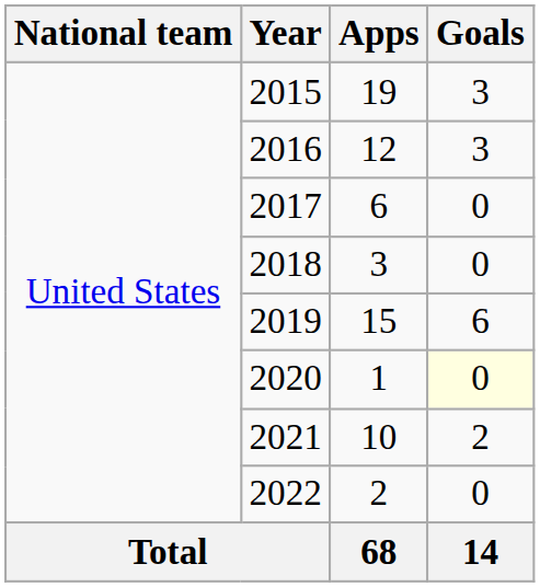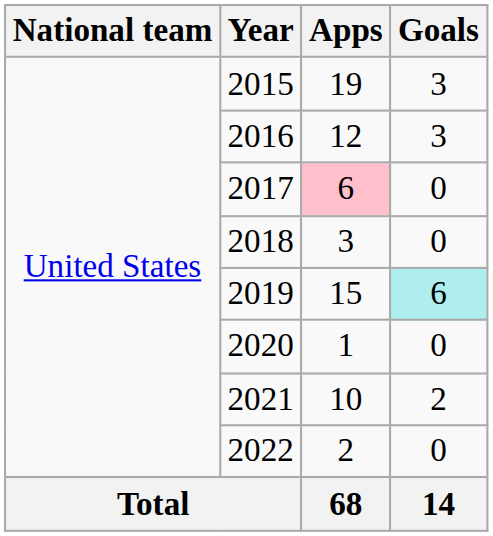 <table class="wikitable" style="text-align: center">
 <tr>
 <th>National team</th>
 <th>Year</th>
 <th>Apps</th>
 <th>Goals</th>
 </tr>
 <tr>
 <td rowspan=8><a href='#'>United States</a></td>
 <td>2015</td>
 <td>19</td>
 <td>3</td>
 </tr>
 <tr>
 <td>2016</td>
 <td>12</td>
 <td>3</td>
 </tr>
 <tr>
 <td>2017</td>
-<td>6</td>
+<td style="background: pink;">6</td>
 <td>0</td>
 </tr>
 <tr>
 <td>2018</td>
 <td>3</td>
 <td>0</td>
 </tr>
 <tr>
 <td>2019</td>
 <td>15</td>
-<td>6</td>
+<td style="background: paleturquoise;">6</td>
 </tr>
 <tr>
 <td>2020</td>
 <td>1</td>
-<td style="background: lightyellow;">0</td>
+<td>0</td>
 </tr>
 <tr>
 <td>2021</td>
 <td>10</td>
 <td>2</td>
 </tr>
 <tr>
 <td>2022</td>
 <td>2</td>
 <td>0</td>
 </tr>
 <tr>
 <th colspan=2>Total</th>
 <th>68</th>
 <th>14</th>
 </tr>
 </table>
